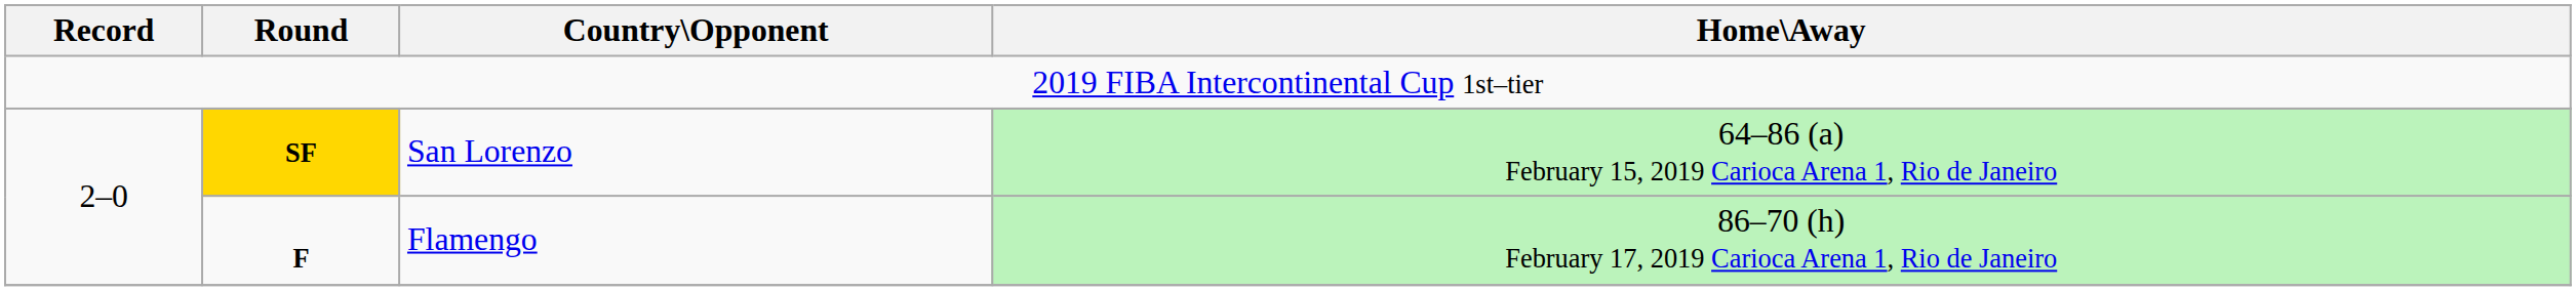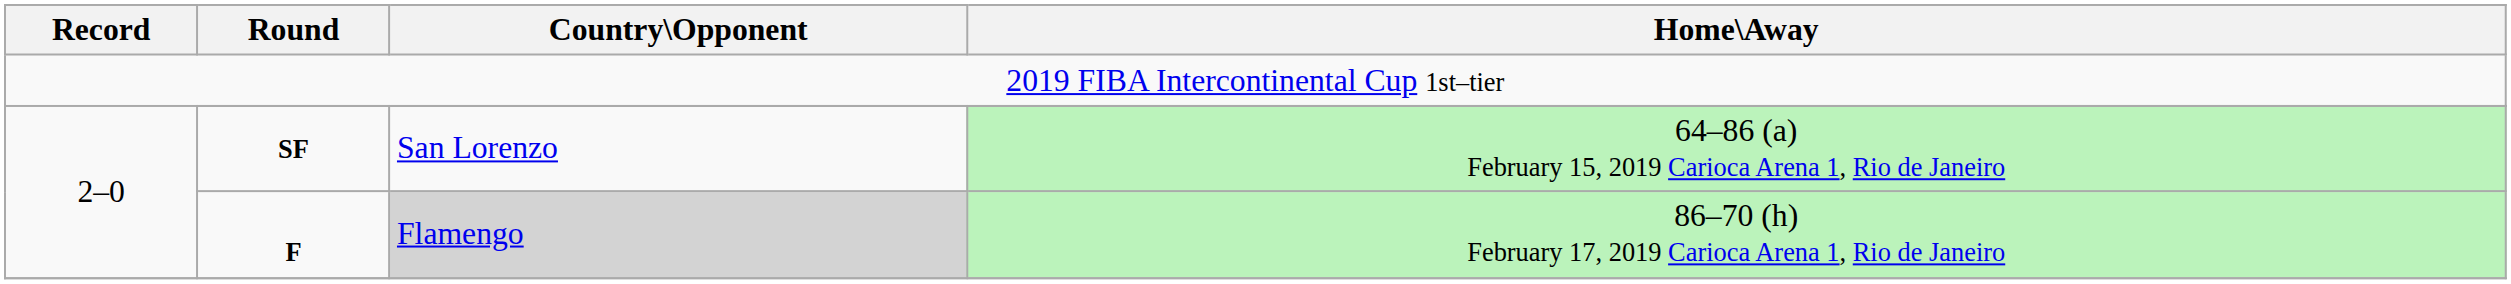 <table class="wikitable" width=100% style="text-align: center;">
 <tr>
 <th width=5%>Record</th>
 <th width=5%>Round</th>
 <th width=15%>Country\Opponent</th>
 <th width=40%>Home\Away</th>
 </tr>
 <tr>
 <td colspan=8><a href='#'>2019 FIBA Intercontinental Cup</a> <small>1st–tier</small></td>
 </tr>
 <tr>
 <td rowspan=3>2–0</td>
 </tr>
 <tr>
-<td style="background: gold;"><small><strong>SF</strong></small></td>
+<td><small><strong>SF</strong></small></td>
 <td align=left> <a href='#'>San Lorenzo</a></td>
 <td colspan=5 bgcolor=#BBF3BB style="text-align:center;">64–86 (a) <br><small>February 15, 2019 <a href='#'>Carioca Arena 1</a>, <a href='#'>Rio de Janeiro</a></small></td>
 </tr>
 <tr>
 <td> <br> <small><strong>F</strong></small></td>
-<td align=left> <a href='#'>Flamengo</a></td>
+<td align=left style="background: lightgrey;"> <a href='#'>Flamengo</a></td>
 <td colspan=5 bgcolor=#BBF3BB style="text-align:center;">86–70 (h) <br><small>February 17, 2019 <a href='#'>Carioca Arena 1</a>, <a href='#'>Rio de Janeiro</a></small></td>
 </tr>
 <tr>
 </tr>
 </table>
